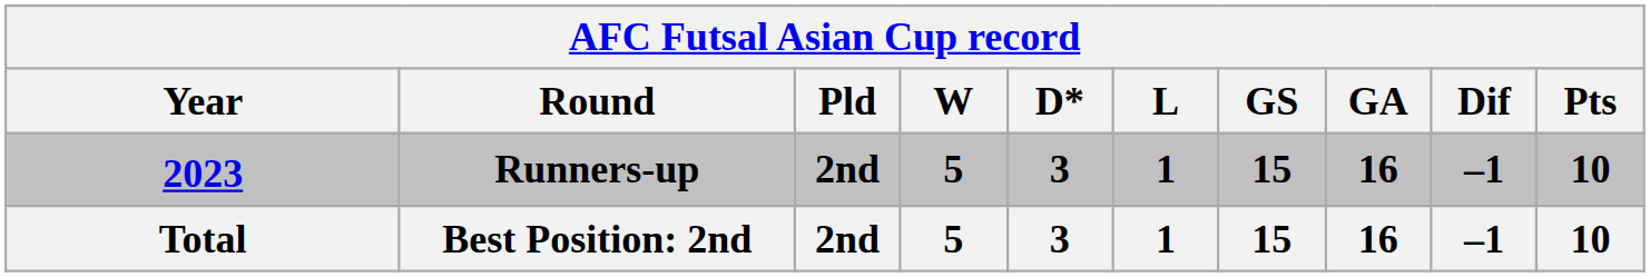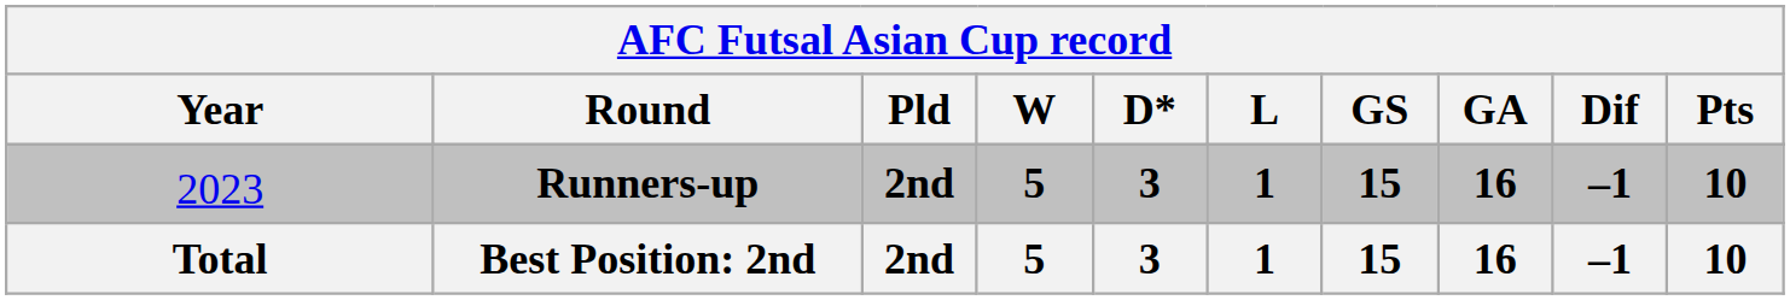 <table class="wikitable" style="text-align: center;">
 <tr>
 <th colspan="10"><a href='#'>AFC Futsal Asian Cup record</a></th>
 </tr>
 <tr>
 <th width=150>Year</th>
 <th width=150>Round</th>
 <th width=35>Pld</th>
 <th width=35>W</th>
 <th width=35>D*</th>
 <th width=35>L</th>
 <th width=35>GS</th>
 <th width=35>GA</th>
 <th width=35>Dif</th>
 <th width=35>Pts</th>
 </tr>
 <tr>
 </tr>
 <tr style="background:Silver;">
-<td><strong> <a href='#'>2023</a><sup></sup></strong></td>
+<td> <a href='#'>2023</a><sup></sup></td>
 <td><strong>Runners-up</strong></td>
 <td><strong>2nd</strong></td>
 <td><strong>5</strong></td>
 <td><strong>3</strong></td>
 <td><strong>1</strong></td>
 <td><strong>15</strong></td>
 <td><strong>16</strong></td>
 <td><strong>–1</strong></td>
 <td><strong>10</strong></td>
 </tr>
 <tr>
 <th><strong>Total</strong></th>
 <th>Best Position: 2nd</th>
 <th>2nd</th>
 <th>5</th>
 <th>3</th>
 <th>1</th>
 <th>15</th>
 <th>16</th>
 <th>–1</th>
 <th>10</th>
 </tr>
 </table>
